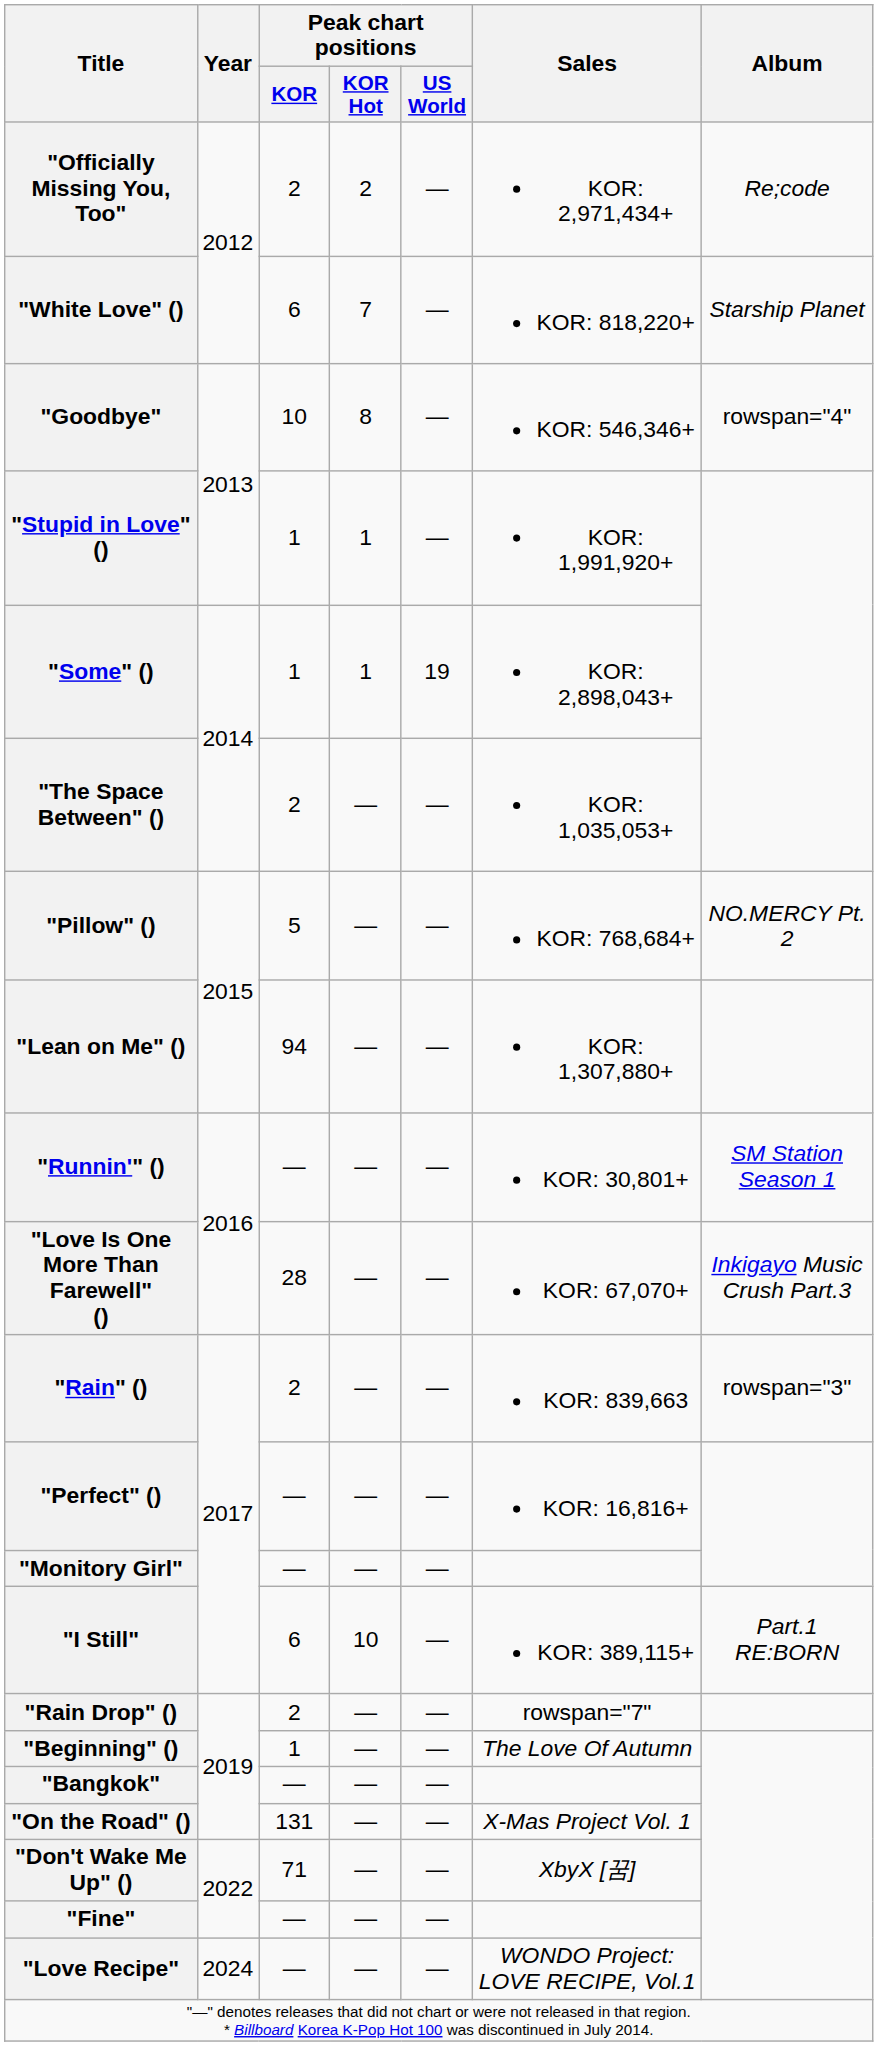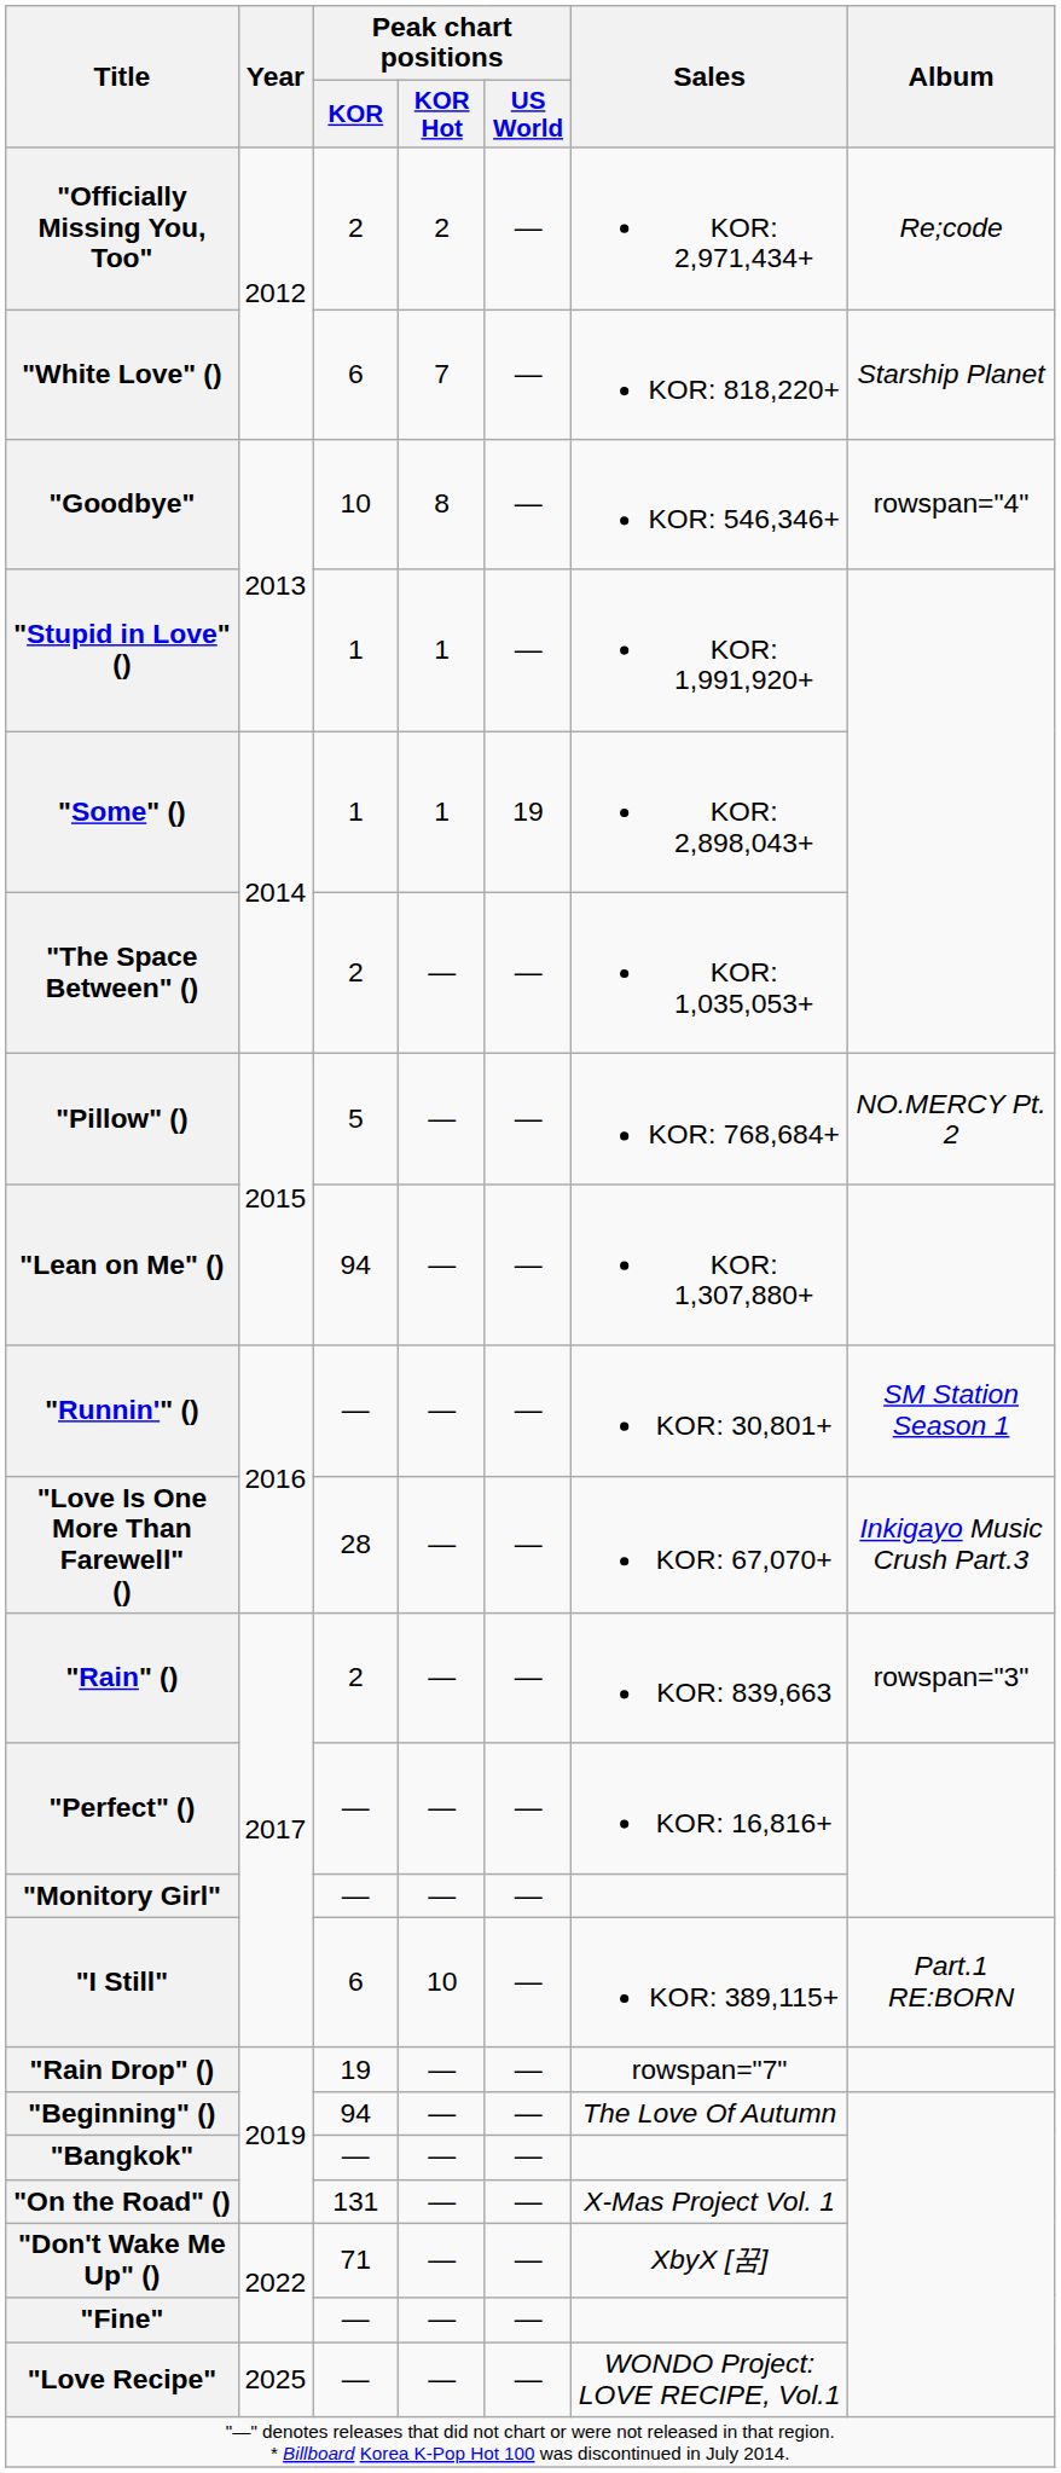 <table class="wikitable plainrowheaders" style="text-align:center">
 <tr>
 <th rowspan="2">Title</th>
 <th rowspan="2">Year</th>
 <th colspan="3">Peak chart positions</th>
 <th rowspan="2">Sales</th>
 <th rowspan="2">Album</th>
 </tr>
 <tr>
 <th style="width:3em;font-size:90%"><a href='#'>KOR</a><br></th>
 <th style="width:3em;font-size:90%"><a href='#'>KOR<br>Hot</a><br></th>
 <th style="width:3em;font-size:90%"><a href='#'>US<br>World</a><br></th>
 </tr>
 <tr>
 <th scope="row">"Officially Missing You, Too"<br></th>
 <td rowspan="2">2012</td>
 <td>2</td>
 <td>2</td>
 <td>—</td>
 <td><br><ul><li>KOR: 2,971,434+</li></ul></td>
 <td><em>Re;code</em></td>
 </tr>
 <tr>
 <th scope="row">"White Love" ()<br></th>
 <td>6</td>
 <td>7</td>
 <td>—</td>
 <td><br><ul><li>KOR: 818,220+</li></ul></td>
 <td><em>Starship Planet</em></td>
 </tr>
 <tr>
 <th scope="row">"Goodbye"<br></th>
 <td rowspan="2">2013</td>
 <td>10</td>
 <td>8</td>
 <td>—</td>
 <td><br><ul><li>KOR: 546,346+</li></ul></td>
 <td>rowspan="4" </td>
 </tr>
 <tr>
 <th scope="row">"<a href='#'>Stupid in Love</a>" ()<br></th>
 <td>1</td>
 <td>1</td>
 <td>—</td>
 <td><br><ul><li>KOR: 1,991,920+</li></ul></td>
 </tr>
 <tr>
 <th scope="row">"<a href='#'>Some</a>" ()<br></th>
 <td rowspan="2">2014</td>
 <td>1</td>
 <td>1</td>
 <td>19</td>
 <td><br><ul><li>KOR: 2,898,043+</li></ul></td>
 </tr>
 <tr>
 <th scope="row">"The Space Between" ()<br></th>
 <td>2</td>
 <td>—</td>
 <td>—</td>
 <td><br><ul><li>KOR: 1,035,053+</li></ul></td>
 </tr>
 <tr>
 <th scope="row">"Pillow" ()<br></th>
 <td rowspan="2">2015</td>
 <td>5</td>
 <td>—</td>
 <td>—</td>
 <td><br><ul><li>KOR: 768,684+</li></ul></td>
 <td><em>NO.MERCY Pt. 2</em></td>
 </tr>
 <tr>
 <th scope="row">"Lean on Me" ()<br></th>
 <td>94</td>
 <td>—</td>
 <td>—</td>
 <td><br><ul><li>KOR: 1,307,880+</li></ul></td>
 <td></td>
 </tr>
 <tr>
 <th scope="row">"<a href='#'>Runnin'</a>" ()<br></th>
 <td rowspan="2">2016</td>
 <td>—</td>
 <td>—</td>
 <td>—</td>
 <td><br><ul><li>KOR: 30,801+</li></ul></td>
 <td><em><a href='#'>SM Station Season 1</a></em></td>
 </tr>
 <tr>
 <th scope="row">"Love Is One More Than Farewell" <br>()<br></th>
 <td>28</td>
 <td>—</td>
 <td>—</td>
 <td><br><ul><li>KOR: 67,070+</li></ul></td>
 <td><em><a href='#'>Inkigayo</a> Music Crush Part.3</em></td>
 </tr>
 <tr>
 <th scope="row">"<a href='#'>Rain</a>" ()<br></th>
 <td rowspan="4">2017</td>
 <td>2</td>
 <td>—</td>
 <td>—</td>
 <td><br><ul><li>KOR: 839,663</li></ul></td>
 <td>rowspan="3" </td>
 </tr>
 <tr>
 <th scope="row">"Perfect" ()<br></th>
 <td>—</td>
 <td>—</td>
 <td>—</td>
 <td><br><ul><li>KOR: 16,816+</li></ul></td>
 </tr>
 <tr>
 <th scope="row">"Monitory Girl"<br></th>
 <td>—</td>
 <td>—</td>
 <td>—</td>
 <td></td>
 </tr>
 <tr>
 <th scope="row">"I Still"<br></th>
 <td>6</td>
 <td>10</td>
 <td>—</td>
 <td><br><ul><li>KOR: 389,115+ </li></ul></td>
 <td><em>Part.1 RE:BORN</em></td>
 </tr>
 <tr>
 <th scope="row">"Rain Drop" ()<br></th>
 <td rowspan="4">2019</td>
-<td>2</td>
+<td>19</td>
 <td>—</td>
 <td>—</td>
 <td>rowspan="7" </td>
 <td></td>
 </tr>
 <tr>
 <th scope="row">"Beginning" ()<br> </th>
-<td>1</td>
+<td>94</td>
 <td>—</td>
 <td>—</td>
 <td><em>The Love Of Autumn</em></td>
 </tr>
 <tr>
 <th scope="row">"Bangkok" <br> </th>
 <td>—</td>
 <td>—</td>
 <td>—</td>
 <td></td>
 </tr>
 <tr>
 <th scope="row">"On the Road" ()<br> </th>
 <td>131</td>
 <td>—</td>
 <td>—</td>
 <td><em>X-Mas Project Vol. 1</em></td>
 </tr>
 <tr>
 <th scope="row">"Don't Wake Me Up" ()<br> </th>
 <td rowspan="2">2022</td>
 <td>71</td>
 <td>—</td>
 <td>—</td>
 <td><em>XbyX [꿈]</em></td>
 </tr>
 <tr>
 <th scope="row">"Fine" <br> </th>
 <td>—</td>
 <td>—</td>
 <td>—</td>
 <td></td>
 </tr>
 <tr>
 <th scope="row">"Love Recipe" <br> </th>
-<td>2024</td>
+<td>2025</td>
 <td>—</td>
 <td>—</td>
 <td>—</td>
 <td><em>WONDO Project: LOVE RECIPE, Vol.1</em></td>
 </tr>
 <tr>
 <td colspan="7" style="font-size:8pt">"—" denotes releases that did not chart or were not released in that region.<br>* <em><a href='#'>Billboard</a></em> <a href='#'>Korea K-Pop Hot 100</a> was discontinued in July 2014.</td>
 </tr>
 </table>
